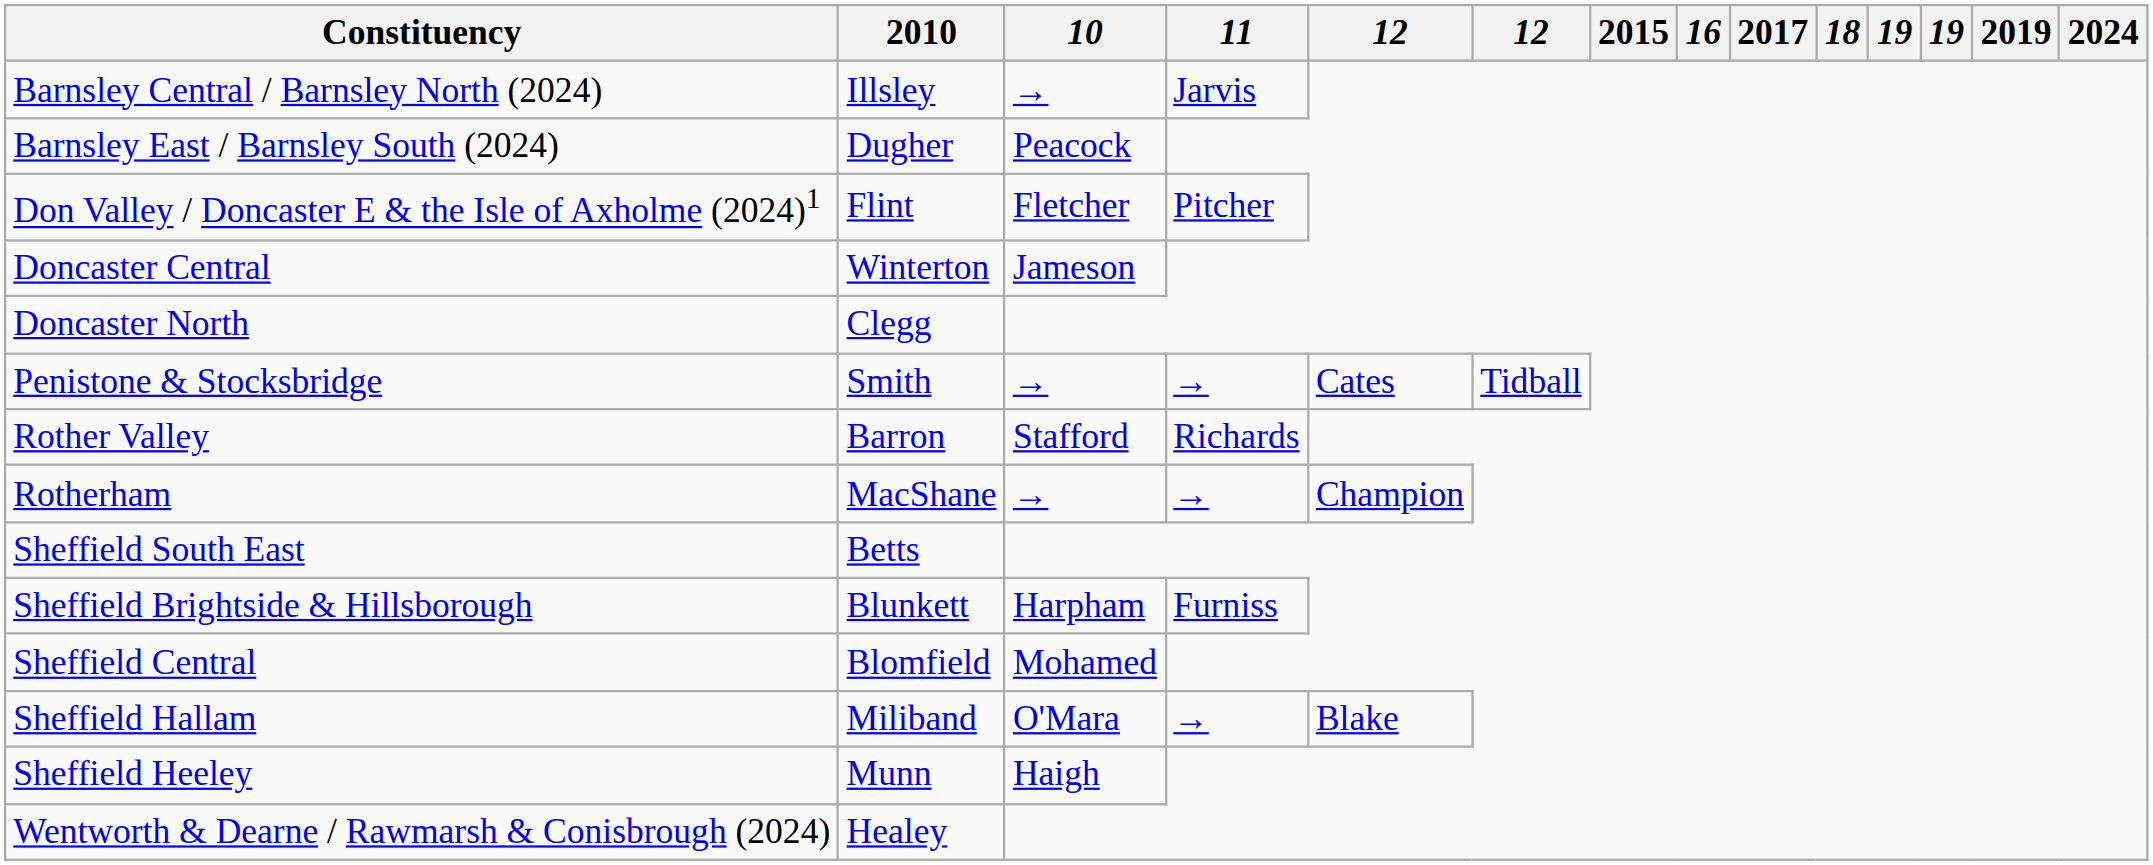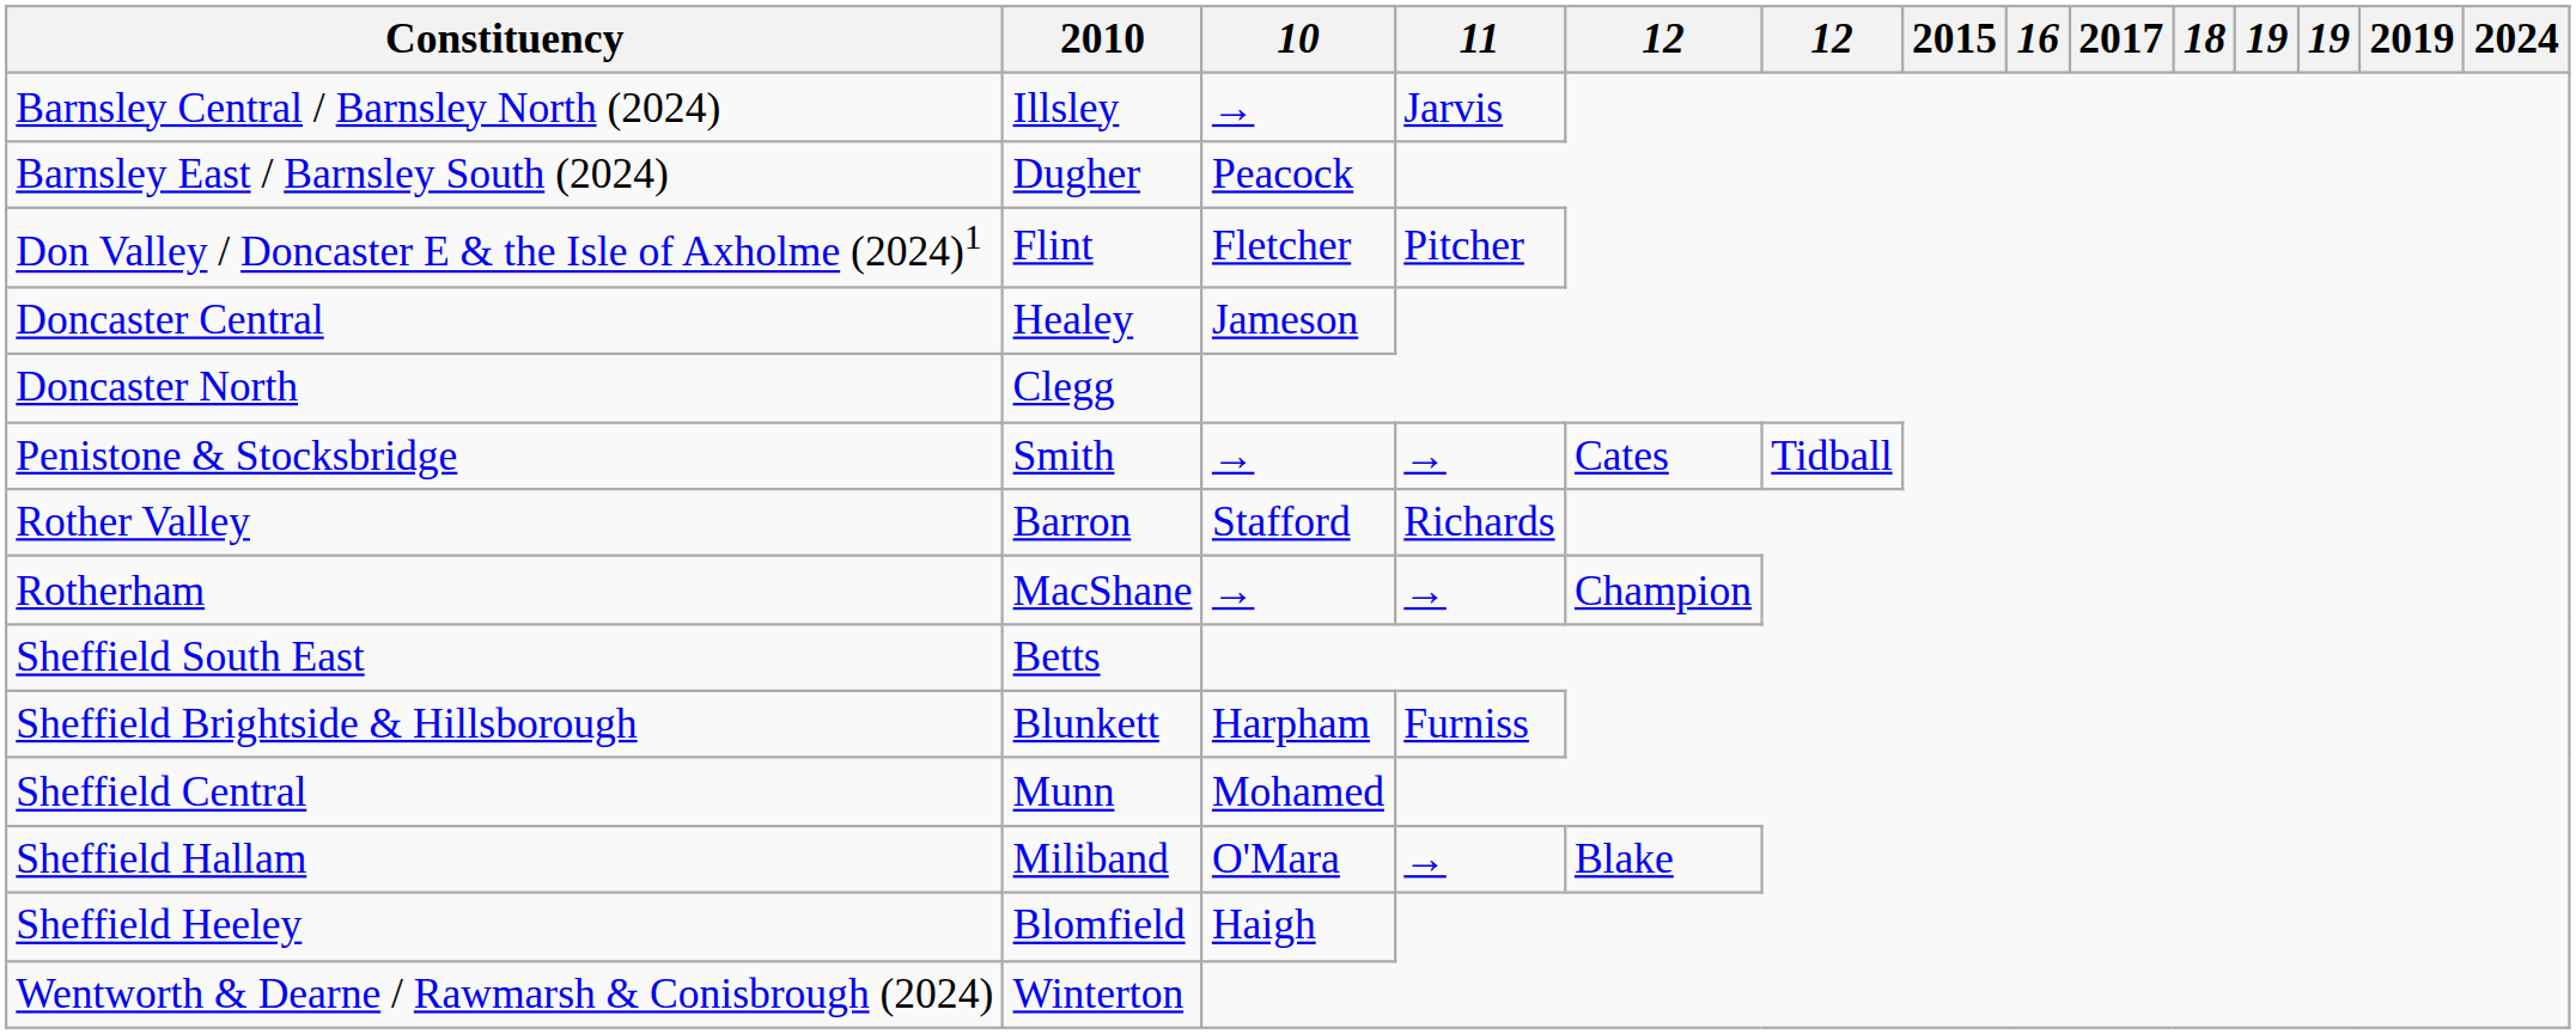 <table class="wikitable">
 <tr>
 <th>Constituency</th>
 <th>2010</th>
 <th><em>10</em></th>
 <th><em>11</em></th>
 <th><em>12</em></th>
 <th><em>12</em></th>
 <th>2015</th>
 <th><em>16</em></th>
 <th>2017</th>
 <th><em>18</em></th>
 <th><em>19</em></th>
 <th><em>19</em></th>
 <th>2019</th>
 <th>2024</th>
 </tr>
 <tr>
 <td><a href='#'>Barnsley Central</a> / <a href='#'>Barnsley North</a> (2024)</td>
 <td><a href='#'>Illsley</a></td>
 <td><a href='#'>→</a></td>
 <td><a href='#'>Jarvis</a></td>
 </tr>
 <tr>
 <td><a href='#'>Barnsley East</a> / <a href='#'>Barnsley South</a> (2024)</td>
 <td><a href='#'>Dugher</a></td>
 <td><a href='#'>Peacock</a></td>
 </tr>
 <tr>
 <td><a href='#'>Don Valley</a> / <a href='#'>Doncaster E & the Isle of Axholme</a> (2024)<sup>1</sup></td>
 <td><a href='#'>Flint</a></td>
 <td><a href='#'>Fletcher</a></td>
 <td><a href='#'>Pitcher</a></td>
 </tr>
 <tr>
 <td><a href='#'>Doncaster Central</a></td>
-<td><a href='#'>Winterton</a></td>
+<td><a href='#'>Healey</a></td>
 <td><a href='#'>Jameson</a></td>
 </tr>
 <tr>
 <td><a href='#'>Doncaster North</a></td>
 <td><a href='#'>Clegg</a></td>
 </tr>
 <tr>
 <td><a href='#'>Penistone & Stocksbridge</a></td>
 <td><a href='#'>Smith</a></td>
 <td><a href='#'>→</a></td>
 <td><a href='#'>→</a></td>
 <td><a href='#'>Cates</a></td>
 <td><a href='#'>Tidball</a></td>
 </tr>
 <tr>
 <td><a href='#'>Rother Valley</a></td>
 <td><a href='#'>Barron</a></td>
 <td><a href='#'>Stafford</a></td>
 <td><a href='#'>Richards</a></td>
 </tr>
 <tr>
 <td><a href='#'>Rotherham</a></td>
 <td><a href='#'>MacShane</a></td>
 <td><a href='#'>→</a></td>
 <td><a href='#'>→</a></td>
 <td><a href='#'>Champion</a></td>
 </tr>
 <tr>
 <td><a href='#'>Sheffield South East</a></td>
 <td><a href='#'>Betts</a></td>
 </tr>
 <tr>
 <td><a href='#'>Sheffield Brightside & Hillsborough</a></td>
 <td><a href='#'>Blunkett</a></td>
 <td><a href='#'>Harpham</a></td>
 <td><a href='#'>Furniss</a></td>
 </tr>
 <tr>
 <td><a href='#'>Sheffield Central</a></td>
-<td><a href='#'>Blomfield</a></td>
+<td><a href='#'>Munn</a></td>
 <td><a href='#'>Mohamed</a></td>
 </tr>
 <tr>
 <td><a href='#'>Sheffield Hallam</a></td>
 <td><a href='#'>Miliband</a></td>
 <td><a href='#'>O'Mara</a></td>
 <td><a href='#'>→</a></td>
 <td><a href='#'>Blake</a></td>
 </tr>
 <tr>
 <td><a href='#'>Sheffield Heeley</a></td>
-<td><a href='#'>Munn</a></td>
+<td><a href='#'>Blomfield</a></td>
 <td><a href='#'>Haigh</a></td>
 </tr>
 <tr>
 <td><a href='#'>Wentworth & Dearne</a> / <a href='#'>Rawmarsh & Conisbrough</a> (2024)</td>
-<td><a href='#'>Healey</a></td>
+<td><a href='#'>Winterton</a></td>
 </tr>
 </table>
